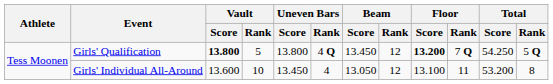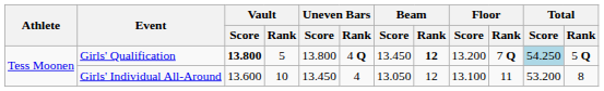 <table class="wikitable" border="1" style="font-size:90%">
 <tr>
 <th rowspan=2>Athlete</th>
 <th rowspan=2>Event</th>
 <th colspan=2>Vault</th>
 <th colspan=2>Uneven Bars</th>
 <th colspan=2>Beam</th>
 <th colspan=2>Floor</th>
 <th colspan=2>Total</th>
 </tr>
 <tr>
 <th>Score</th>
 <th>Rank</th>
 <th>Score</th>
 <th>Rank</th>
 <th>Score</th>
 <th>Rank</th>
 <th>Score</th>
 <th>Rank</th>
 <th>Score</th>
 <th>Rank</th>
 </tr>
 <tr>
 <td rowspan=2><a href='#'>Tess Moonen</a></td>
 <td><a href='#'>Girls' Qualification</a></td>
 <td align=center><strong>13.800</strong></td>
 <td align=center>5</td>
 <td align=center>13.800</td>
 <td align=center>4 <strong>Q</strong></td>
 <td align=center>13.450</td>
-<td align=center>12</td>
-<td align=center><strong>13.200</strong></td>
+<td align=center><strong>12</strong></td>
+<td align=center>13.200</td>
 <td align=center>7 <strong>Q</strong></td>
-<td align=center>54.250</td>
+<td align=center style="background: lightblue;">54.250</td>
 <td align=center>5 <strong>Q</strong></td>
 </tr>
 <tr>
 <td><a href='#'>Girls' Individual All-Around</a></td>
 <td align=center>13.600</td>
 <td align=center>10</td>
 <td align=center>13.450</td>
 <td align=center>4</td>
 <td align=center>13.050</td>
 <td align=center>12</td>
 <td align=center>13.100</td>
 <td align=center>11</td>
 <td align=center>53.200</td>
 <td align=center>8</td>
 </tr>
 </table>
